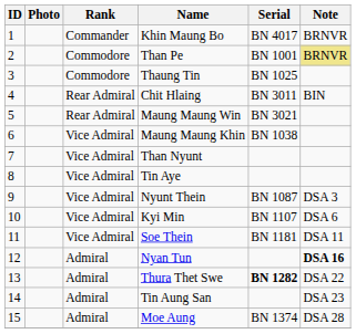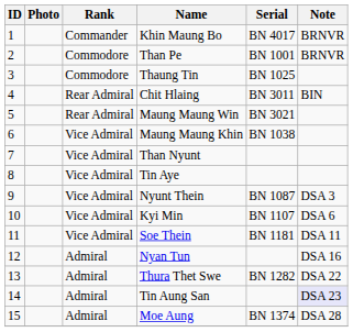 <table class="wikitable">
 <tr>
 <th>ID</th>
 <th>Photo</th>
 <th>Rank</th>
 <th>Name</th>
 <th>Serial</th>
 <th>Note</th>
 </tr>
 <tr>
 <td>1</td>
 <td></td>
 <td>Commander</td>
 <td>Khin Maung Bo</td>
 <td>BN 4017</td>
 <td>BRNVR</td>
 </tr>
 <tr>
 <td>2</td>
 <td></td>
 <td>Commodore</td>
 <td>Than Pe</td>
 <td>BN 1001</td>
-<td style="background: khaki;">BRNVR</td>
+<td>BRNVR</td>
 </tr>
 <tr>
 <td>3</td>
 <td></td>
 <td>Commodore</td>
 <td>Thaung Tin</td>
 <td>BN 1025</td>
 <td></td>
 </tr>
 <tr>
 <td>4</td>
 <td></td>
 <td>Rear Admiral</td>
 <td>Chit Hlaing</td>
 <td>BN 3011</td>
 <td>BIN</td>
 </tr>
 <tr>
 <td>5</td>
 <td></td>
 <td>Rear Admiral</td>
 <td>Maung Maung Win</td>
 <td>BN 3021</td>
 <td></td>
 </tr>
 <tr>
 <td>6</td>
 <td></td>
 <td>Vice Admiral</td>
 <td>Maung Maung Khin</td>
 <td>BN 1038</td>
 <td></td>
 </tr>
 <tr>
 <td>7</td>
 <td></td>
 <td>Vice Admiral</td>
 <td>Than Nyunt</td>
 <td></td>
 <td></td>
 </tr>
 <tr>
 <td>8</td>
 <td></td>
 <td>Vice Admiral</td>
 <td>Tin Aye</td>
 <td></td>
 <td></td>
 </tr>
 <tr>
 <td>9</td>
 <td></td>
 <td>Vice Admiral</td>
 <td>Nyunt Thein</td>
 <td>BN 1087</td>
 <td>DSA 3</td>
 </tr>
 <tr>
 <td>10</td>
 <td></td>
 <td>Vice Admiral</td>
 <td>Kyi Min</td>
 <td>BN 1107</td>
 <td>DSA 6</td>
 </tr>
 <tr>
 <td>11</td>
 <td></td>
 <td>Vice Admiral</td>
 <td><a href='#'>Soe Thein</a></td>
 <td>BN 1181</td>
 <td>DSA 11</td>
 </tr>
 <tr>
 <td>12</td>
 <td></td>
 <td>Admiral</td>
 <td><a href='#'>Nyan Tun</a></td>
 <td></td>
-<td><strong>DSA 16</strong></td>
+<td>DSA 16</td>
 </tr>
 <tr>
 <td>13</td>
 <td></td>
 <td>Admiral</td>
 <td><a href='#'>Thura</a> Thet Swe</td>
-<td><strong>BN 1282</strong></td>
+<td>BN 1282</td>
 <td>DSA 22</td>
 </tr>
 <tr>
 <td>14</td>
 <td></td>
 <td>Admiral</td>
 <td>Tin Aung San</td>
 <td></td>
-<td>DSA 23</td>
+<td style="background: lavender;">DSA 23</td>
 </tr>
 <tr>
 <td>15</td>
 <td></td>
 <td>Admiral</td>
 <td><a href='#'>Moe Aung</a></td>
 <td>BN 1374</td>
 <td>DSA 28</td>
 </tr>
 <tr>
 </tr>
 </table>
